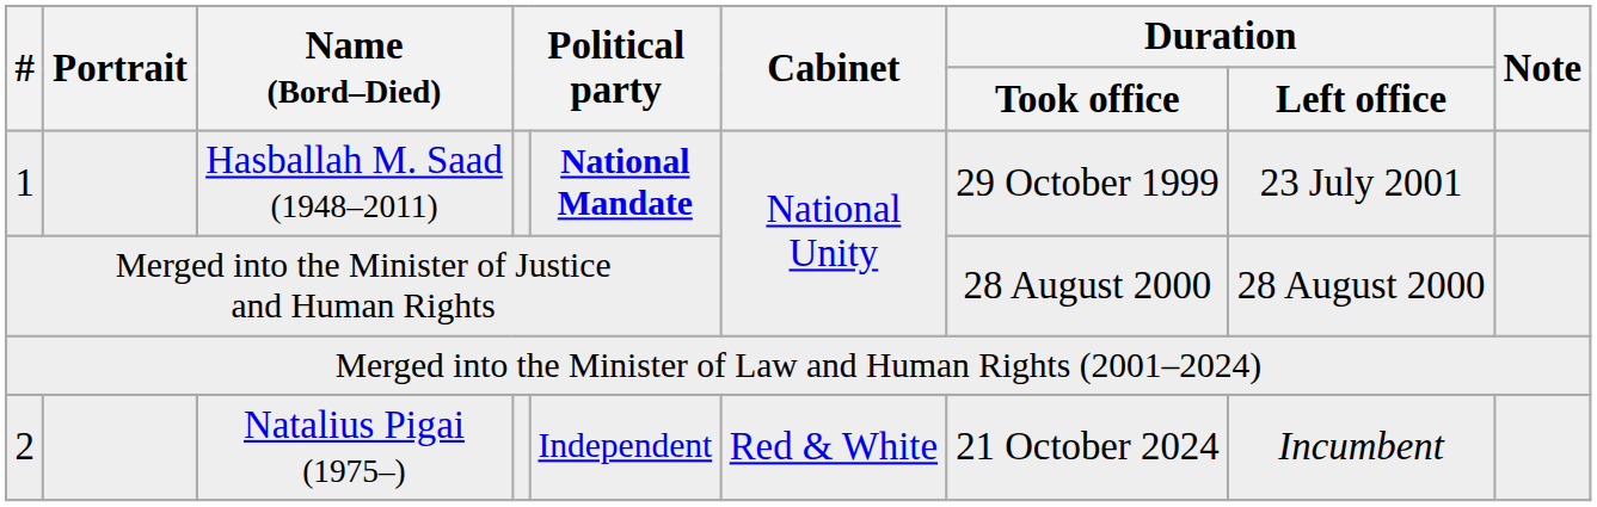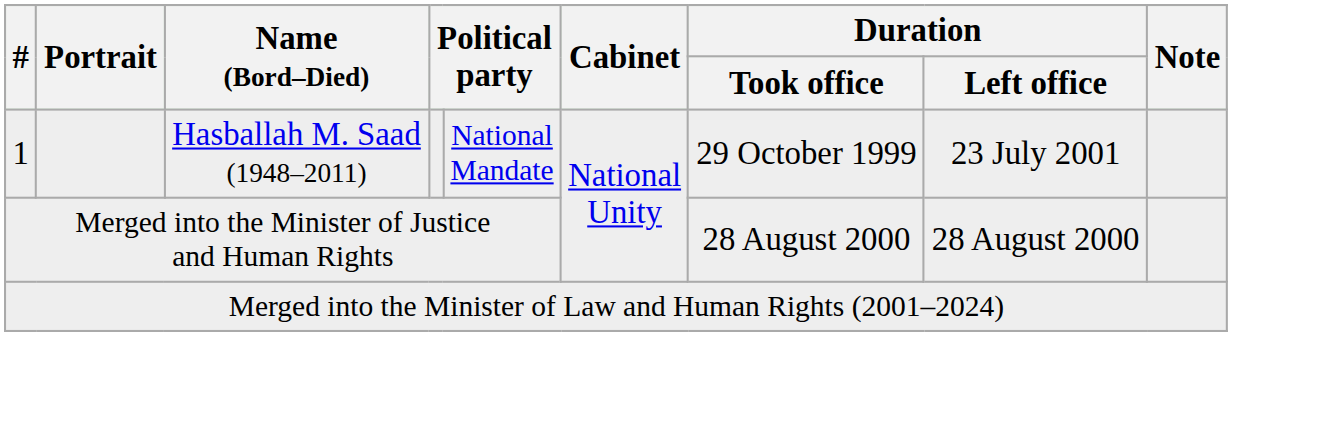 <table class="wikitable" style="background:#eee; float:center; text-align:center">
 <tr style="background-color:#cfc;">
 <th rowspan=2>#</th>
 <th rowspan=2>Portrait</th>
 <th rowspan=2>Name<br><small>(Bord–Died)</small></th>
 <th rowspan=2 colspan=2>Political<br>party</th>
 <th rowspan=2>Cabinet</th>
 <th colspan=2>Duration</th>
 <th rowspan=2>Note</th>
 </tr>
 <tr>
 <th>Took office</th>
 <th>Left office</th>
 </tr>
 <tr>
 <td>1</td>
 <td></td>
 <td><a href='#'>Hasballah M. Saad</a><br><small>(1948–2011)</small></td>
 <td bgcolor=></td>
-<td style="font-size: 90%"><strong><a href='#'>National<br> Mandate</a></strong></td>
+<td style="font-size: 90%"><a href='#'>National<br> Mandate</a></td>
 <td rowspan=2><a href='#'>National<br>Unity</a></td>
 <td>29 October 1999</td>
 <td>23 July 2001</td>
 <td></td>
 </tr>
 <tr>
 <td colspan=5 style="font-size: 90%">Merged into the Minister of Justice<br> and Human Rights</td>
 <td>28 August 2000</td>
 <td>28 August 2000</td>
 <td></td>
 </tr>
 <tr>
 <td colspan=9 style="font-size: 90%">Merged into the Minister of Law and Human Rights (2001–2024)</td>
 </tr>
-<tr>
-<td>2</td>
-<td></td>
-<td><a href='#'>Natalius Pigai</a><br><small>(1975–)</small></td>
-<td bgcolor=></td>
-<td style="font-size: 90%"><a href='#'>Independent</a></td>
-<td><a href='#'>Red & White</a></td>
-<td>21 October 2024</td>
-<td><em>Incumbent</em></td>
-<td></td>
-</tr>
 </table>
